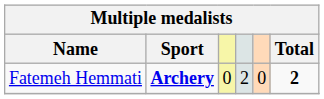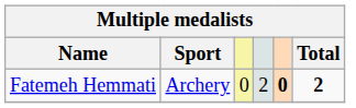 <table class=wikitable style=font-size:85%;text-align:center;float:left;>
 <tr>
 <th colspan=6>Multiple medalists</th>
 </tr>
 <tr>
 <th>Name</th>
 <th>Sport</th>
 <td bgcolor=F7F6A8></td>
 <td bgcolor=DCE5E5></td>
 <td bgcolor=FFDAB9></td>
 <th>Total</th>
 </tr>
 <tr>
 <td><a href='#'>Fatemeh Hemmati</a></td>
-<td><strong><a href='#'>Archery</a></strong></td>
+<td><a href='#'>Archery</a></td>
 <td bgcolor=F7F6A8>0</td>
 <td bgcolor=DCE5E5>2</td>
-<td bgcolor=FFDAB9>0</td>
+<td bgcolor=FFDAB9><strong>0</strong></td>
 <td><strong>2</strong></td>
 </tr>
 <tr>
 </tr>
 </table>
